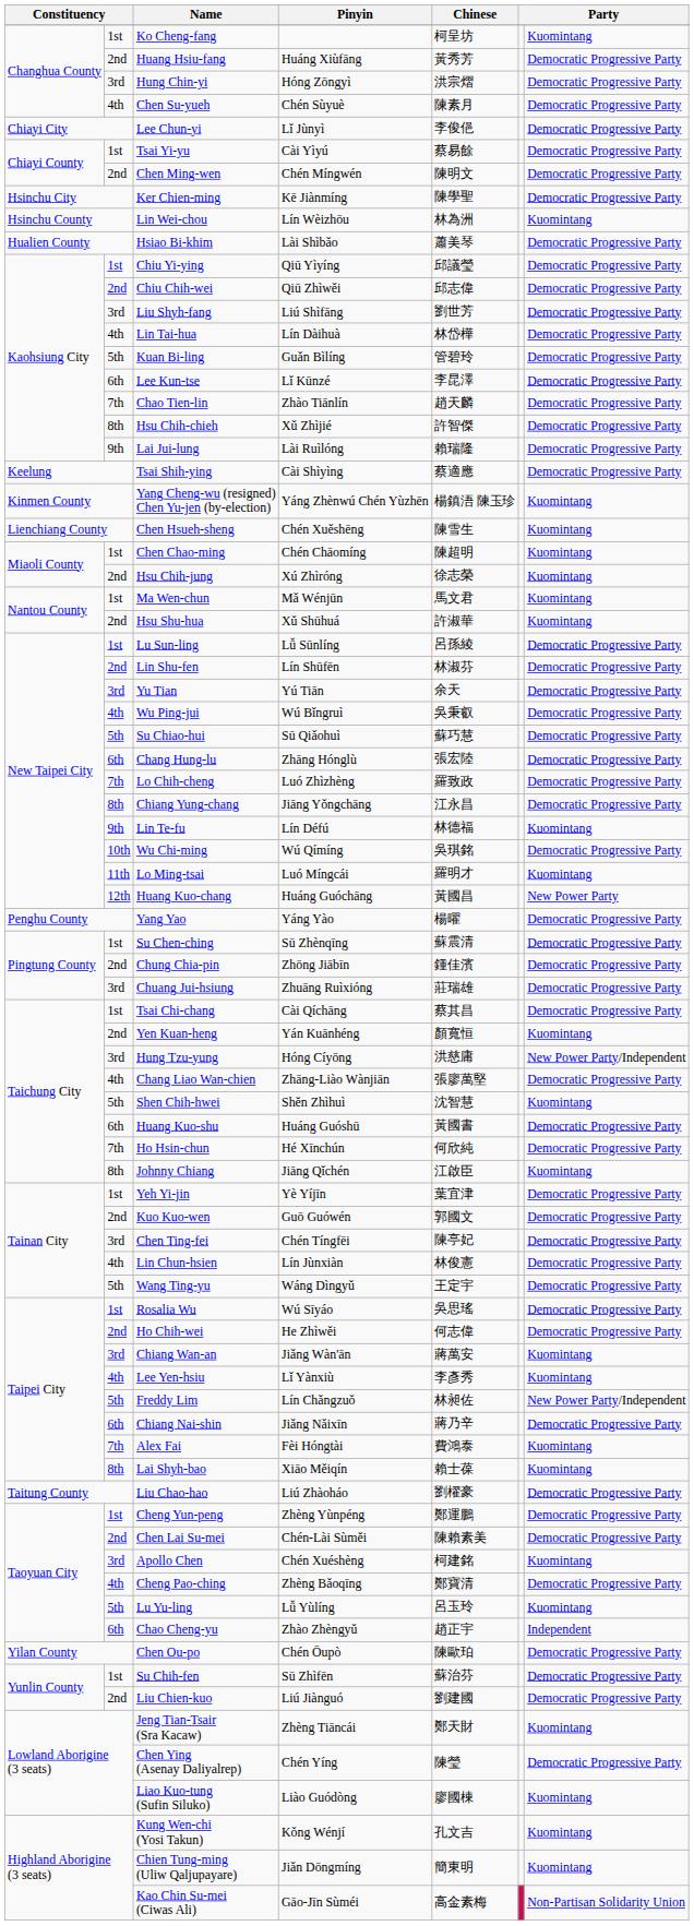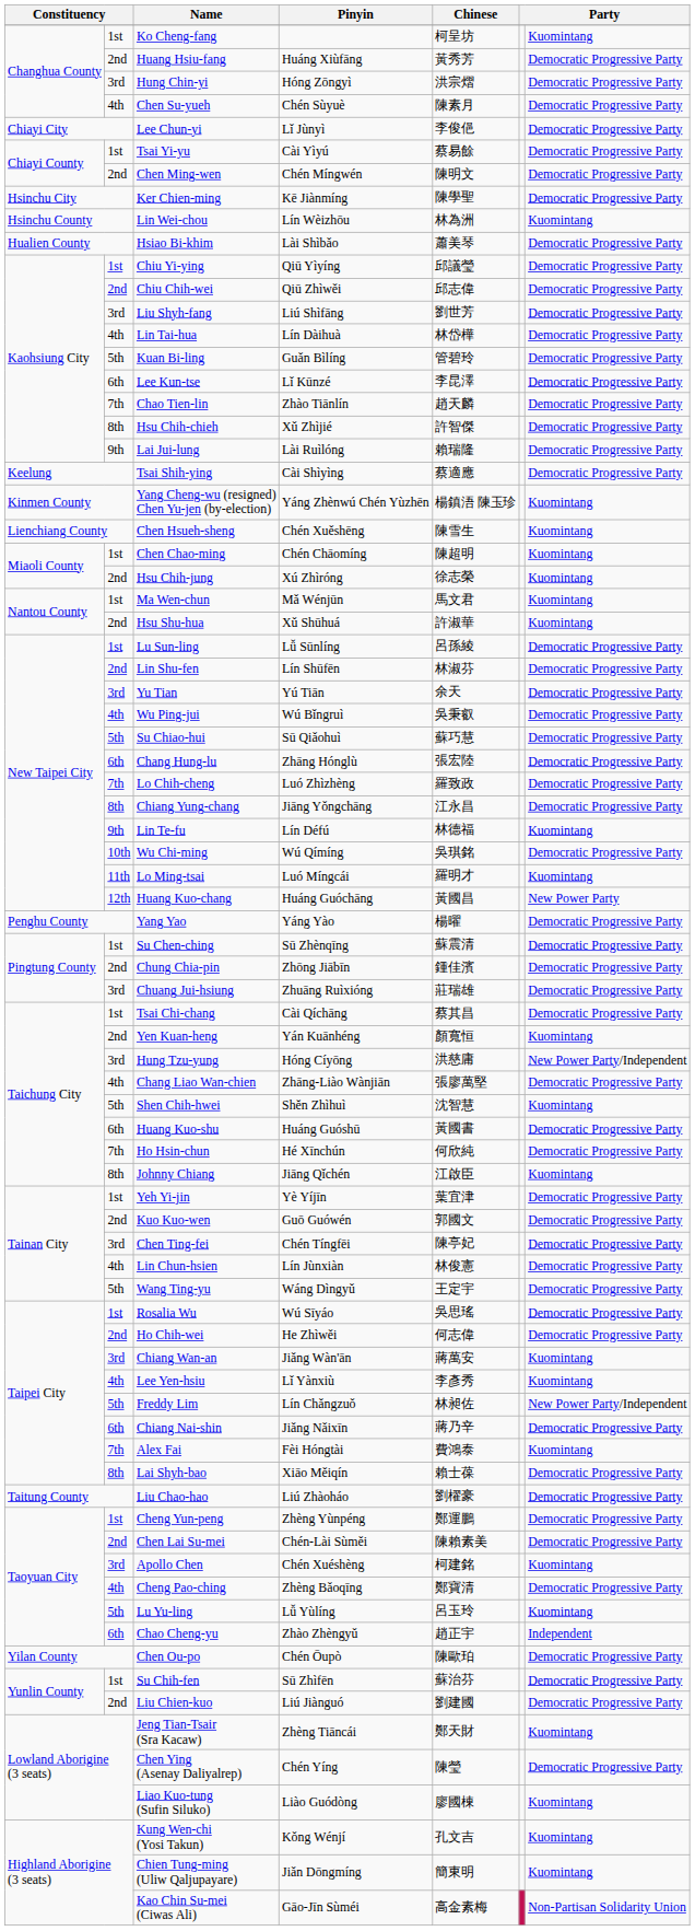 <table class=wikitable>
 <tr>
 <th colspan=2>Constituency</th>
 <th>Name</th>
 <th>Pinyin</th>
 <th>Chinese</th>
 <th colspan=2>Party</th>
 </tr>
 <tr>
 </tr>
 <tr>
 <td rowspan=4><a href='#'>Changhua County</a></td>
 <td>1st</td>
 <td><a href='#'>Ko Cheng-fang</a></td>
 <td></td>
 <td>柯呈坊</td>
 <td style="background-color: "></td>
 <td><a href='#'>Kuomintang</a></td>
 </tr>
 <tr>
 <td>2nd</td>
 <td><a href='#'>Huang Hsiu-fang</a></td>
 <td>Huáng Xiùfāng</td>
 <td>黃秀芳</td>
 <td style="background-color: "></td>
 <td><a href='#'>Democratic Progressive Party</a></td>
 </tr>
 <tr>
 <td>3rd</td>
 <td><a href='#'>Hung Chin-yi</a></td>
 <td>Hóng Zōngyì</td>
 <td>洪宗熠</td>
 <td style="background-color: "></td>
 <td><a href='#'>Democratic Progressive Party</a></td>
 </tr>
 <tr>
 <td>4th</td>
 <td><a href='#'>Chen Su-yueh</a></td>
 <td>Chén Sùyuè</td>
 <td>陳素月</td>
 <td style="background-color: "></td>
 <td><a href='#'>Democratic Progressive Party</a></td>
 </tr>
 <tr>
 <td colspan=2><a href='#'>Chiayi City</a></td>
 <td><a href='#'>Lee Chun-yi</a></td>
 <td>Lǐ Jùnyì</td>
 <td>李俊俋</td>
 <td style="background-color: "></td>
 <td><a href='#'>Democratic Progressive Party</a></td>
 </tr>
 <tr>
 <td rowspan=2><a href='#'>Chiayi County</a></td>
 <td>1st</td>
 <td><a href='#'>Tsai Yi-yu</a></td>
 <td>Cài Yìyú</td>
 <td>蔡易餘</td>
 <td style="background-color: "></td>
 <td><a href='#'>Democratic Progressive Party</a></td>
 </tr>
 <tr>
 <td>2nd</td>
 <td><a href='#'>Chen Ming-wen</a></td>
 <td>Chén Míngwén</td>
 <td>陳明文</td>
 <td style="background-color: "></td>
 <td><a href='#'>Democratic Progressive Party</a></td>
 </tr>
 <tr>
 <td colspan=2><a href='#'>Hsinchu City</a></td>
 <td><a href='#'>Ker Chien-ming</a></td>
 <td>Kē Jiànmíng</td>
 <td>陳學聖</td>
 <td style="background-color: "></td>
 <td><a href='#'>Democratic Progressive Party</a></td>
 </tr>
 <tr>
 <td colspan=2><a href='#'>Hsinchu County</a></td>
 <td><a href='#'>Lin Wei-chou</a></td>
 <td>Lín Wèizhōu</td>
 <td>林為洲</td>
 <td style="background-color: "></td>
 <td><a href='#'>Kuomintang</a></td>
 </tr>
 <tr>
 <td colspan=2><a href='#'>Hualien County</a></td>
 <td><a href='#'>Hsiao Bi-khim</a></td>
 <td>Lài Shìbǎo</td>
 <td>蕭美琴</td>
 <td style="background-color: "></td>
 <td><a href='#'>Democratic Progressive Party</a></td>
 </tr>
 <tr>
 <td rowspan=9><a href='#'>Kaohsiung</a> City</td>
 <td><a href='#'>1st</a></td>
 <td><a href='#'>Chiu Yi-ying</a></td>
 <td>Qiū Yìyíng</td>
 <td>邱議瑩</td>
 <td style="background-color: "></td>
 <td><a href='#'>Democratic Progressive Party</a></td>
 </tr>
 <tr>
 <td><a href='#'>2nd</a></td>
 <td><a href='#'>Chiu Chih-wei</a></td>
 <td>Qiū Zhìwěi</td>
 <td>邱志偉</td>
 <td style="background-color: "></td>
 <td><a href='#'>Democratic Progressive Party</a></td>
 </tr>
 <tr>
 <td>3rd</td>
 <td><a href='#'>Liu Shyh-fang</a></td>
 <td>Liú Shìfāng</td>
 <td>劉世芳</td>
 <td style="background-color: "></td>
 <td><a href='#'>Democratic Progressive Party</a></td>
 </tr>
 <tr>
 <td>4th</td>
 <td><a href='#'>Lin Tai-hua</a></td>
 <td>Lín Dàihuà</td>
 <td>林岱樺</td>
 <td style="background-color: "></td>
 <td><a href='#'>Democratic Progressive Party</a></td>
 </tr>
 <tr>
 <td>5th</td>
 <td><a href='#'>Kuan Bi-ling</a></td>
 <td>Guǎn Bìlíng</td>
 <td>管碧玲</td>
 <td style="background-color: "></td>
 <td><a href='#'>Democratic Progressive Party</a></td>
 </tr>
 <tr>
 <td>6th</td>
 <td><a href='#'>Lee Kun-tse</a></td>
 <td>Lǐ Kūnzé</td>
 <td>李昆澤</td>
 <td style="background-color: "></td>
 <td><a href='#'>Democratic Progressive Party</a></td>
 </tr>
 <tr>
 <td>7th</td>
 <td><a href='#'>Chao Tien-lin</a></td>
 <td>Zhào Tiānlín</td>
 <td>趙天麟</td>
 <td style="background-color: "></td>
 <td><a href='#'>Democratic Progressive Party</a></td>
 </tr>
 <tr>
 <td>8th</td>
 <td><a href='#'>Hsu Chih-chieh</a></td>
 <td>Xǔ Zhìjié</td>
 <td>許智傑</td>
 <td style="background-color: "></td>
 <td><a href='#'>Democratic Progressive Party</a></td>
 </tr>
 <tr>
 <td>9th</td>
 <td><a href='#'>Lai Jui-lung</a></td>
 <td>Lài Ruìlóng</td>
 <td>賴瑞隆</td>
 <td style="background-color: "></td>
 <td><a href='#'>Democratic Progressive Party</a></td>
 </tr>
 <tr>
 <td colspan=2><a href='#'>Keelung</a></td>
 <td><a href='#'>Tsai Shih-ying</a></td>
 <td>Cài Shìyìng</td>
 <td>蔡適應</td>
 <td style="background-color: "></td>
 <td><a href='#'>Democratic Progressive Party</a></td>
 </tr>
 <tr>
 <td colspan=2><a href='#'>Kinmen County</a></td>
 <td><a href='#'>Yang Cheng-wu</a> (resigned)<br><a href='#'>Chen Yu-jen</a> (by-election)</td>
 <td>Yáng Zhènwú Chén Yùzhēn</td>
 <td>楊鎮浯  陳玉珍</td>
 <td style="background-color: "></td>
 <td><a href='#'>Kuomintang</a></td>
 </tr>
 <tr>
 <td colspan=2><a href='#'>Lienchiang County</a></td>
 <td><a href='#'>Chen Hsueh-sheng</a></td>
 <td>Chén Xuěshēng</td>
 <td>陳雪生</td>
 <td style="background-color: "></td>
 <td><a href='#'>Kuomintang</a></td>
 </tr>
 <tr>
 <td rowspan=2><a href='#'>Miaoli County</a></td>
 <td>1st</td>
 <td><a href='#'>Chen Chao-ming</a></td>
 <td>Chén Chāomíng</td>
 <td>陳超明</td>
 <td style="background-color: "></td>
 <td><a href='#'>Kuomintang</a></td>
 </tr>
 <tr>
 <td>2nd</td>
 <td><a href='#'>Hsu Chih-jung</a></td>
 <td>Xú Zhìróng</td>
 <td>徐志榮</td>
 <td style="background-color: "></td>
 <td><a href='#'>Kuomintang</a></td>
 </tr>
 <tr>
 <td rowspan=2><a href='#'>Nantou County</a></td>
 <td>1st</td>
 <td><a href='#'>Ma Wen-chun</a></td>
 <td>Mǎ Wénjūn</td>
 <td>馬文君</td>
 <td style="background-color: "></td>
 <td><a href='#'>Kuomintang</a></td>
 </tr>
 <tr>
 <td>2nd</td>
 <td><a href='#'>Hsu Shu-hua</a></td>
 <td>Xǔ Shūhuá</td>
 <td>許淑華</td>
 <td style="background-color: "></td>
 <td><a href='#'>Kuomintang</a></td>
 </tr>
 <tr>
 <td rowspan=12><a href='#'>New Taipei City</a></td>
 <td><a href='#'>1st</a></td>
 <td><a href='#'>Lu Sun-ling</a></td>
 <td>Lǚ Sūnlíng</td>
 <td>呂孫綾</td>
 <td style="background-color: "></td>
 <td><a href='#'>Democratic Progressive Party</a></td>
 </tr>
 <tr>
 <td><a href='#'>2nd</a></td>
 <td><a href='#'>Lin Shu-fen</a></td>
 <td>Lín Shūfēn</td>
 <td>林淑芬</td>
 <td style="background-color: "></td>
 <td><a href='#'>Democratic Progressive Party</a></td>
 </tr>
 <tr>
 <td><a href='#'>3rd</a></td>
 <td><a href='#'>Yu Tian</a></td>
 <td>Yú Tiān</td>
 <td>余天</td>
 <td style="background-color: "></td>
 <td><a href='#'>Democratic Progressive Party</a></td>
 </tr>
 <tr>
 <td><a href='#'>4th</a></td>
 <td><a href='#'>Wu Ping-jui</a></td>
 <td>Wú Bǐngruì</td>
 <td>吳秉叡</td>
 <td style="background-color: "></td>
 <td><a href='#'>Democratic Progressive Party</a></td>
 </tr>
 <tr>
 <td><a href='#'>5th</a></td>
 <td><a href='#'>Su Chiao-hui</a></td>
 <td>Sū Qiǎohuì</td>
 <td>蘇巧慧</td>
 <td style="background-color: "></td>
 <td><a href='#'>Democratic Progressive Party</a></td>
 </tr>
 <tr>
 <td><a href='#'>6th</a></td>
 <td><a href='#'>Chang Hung-lu</a></td>
 <td>Zhāng Hónglù</td>
 <td>張宏陸</td>
 <td style="background-color: "></td>
 <td><a href='#'>Democratic Progressive Party</a></td>
 </tr>
 <tr>
 <td><a href='#'>7th</a></td>
 <td><a href='#'>Lo Chih-cheng</a></td>
 <td>Luó Zhìzhèng</td>
 <td>羅致政</td>
 <td style="background-color: "></td>
 <td><a href='#'>Democratic Progressive Party</a></td>
 </tr>
 <tr>
 <td><a href='#'>8th</a></td>
 <td><a href='#'>Chiang Yung-chang</a></td>
 <td>Jiāng Yǒngchāng</td>
 <td>江永昌</td>
 <td style="background-color: "></td>
 <td><a href='#'>Democratic Progressive Party</a></td>
 </tr>
 <tr>
 <td><a href='#'>9th</a></td>
 <td><a href='#'>Lin Te-fu</a></td>
 <td>Lín Défú</td>
 <td>林德福</td>
 <td style="background-color: "></td>
 <td><a href='#'>Kuomintang</a></td>
 </tr>
 <tr>
 <td><a href='#'>10th</a></td>
 <td><a href='#'>Wu Chi-ming</a></td>
 <td>Wú Qímíng</td>
 <td>吳琪銘</td>
 <td style="background-color: "></td>
 <td><a href='#'>Democratic Progressive Party</a></td>
 </tr>
 <tr>
 <td><a href='#'>11th</a></td>
 <td><a href='#'>Lo Ming-tsai</a></td>
 <td>Luó Míngcái</td>
 <td>羅明才</td>
 <td style="background-color: "></td>
 <td><a href='#'>Kuomintang</a></td>
 </tr>
 <tr>
 <td><a href='#'>12th</a></td>
 <td><a href='#'>Huang Kuo-chang</a></td>
 <td>Huáng Guóchāng</td>
 <td>黃國昌</td>
 <td style="background-color: "></td>
 <td><a href='#'>New Power Party</a></td>
 </tr>
 <tr>
 <td colspan=2><a href='#'>Penghu County</a></td>
 <td><a href='#'>Yang Yao</a></td>
 <td>Yáng Yào</td>
 <td>楊曜</td>
 <td style="background-color: "></td>
 <td><a href='#'>Democratic Progressive Party</a></td>
 </tr>
 <tr>
 <td rowspan=3><a href='#'>Pingtung County</a></td>
 <td>1st</td>
 <td><a href='#'>Su Chen-ching</a></td>
 <td>Sū Zhènqīng</td>
 <td>蘇震清</td>
 <td style="background-color: "></td>
 <td><a href='#'>Democratic Progressive Party</a></td>
 </tr>
 <tr>
 <td>2nd</td>
 <td><a href='#'>Chung Chia-pin</a></td>
 <td>Zhōng Jiābīn</td>
 <td>鍾佳濱</td>
 <td style="background-color: "></td>
 <td><a href='#'>Democratic Progressive Party</a></td>
 </tr>
 <tr>
 <td>3rd</td>
 <td><a href='#'>Chuang Jui-hsiung</a></td>
 <td>Zhuāng Ruìxióng</td>
 <td>莊瑞雄</td>
 <td style="background-color: "></td>
 <td><a href='#'>Democratic Progressive Party</a></td>
 </tr>
 <tr>
 <td rowspan=8><a href='#'>Taichung</a> City</td>
 <td>1st</td>
 <td><a href='#'>Tsai Chi-chang</a></td>
 <td>Cài Qíchāng</td>
 <td>蔡其昌</td>
 <td style="background-color: "></td>
 <td><a href='#'>Democratic Progressive Party</a></td>
 </tr>
 <tr>
 <td>2nd</td>
 <td><a href='#'>Yen Kuan-heng</a></td>
 <td>Yán Kuānhéng</td>
 <td>顏寬恒</td>
 <td style="background-color: "></td>
 <td><a href='#'>Kuomintang</a></td>
 </tr>
 <tr>
 <td>3rd</td>
 <td><a href='#'>Hung Tzu-yung</a></td>
 <td>Hóng Cíyōng</td>
 <td>洪慈庸</td>
 <td style="background-color: "></td>
 <td><a href='#'>New Power Party</a>/Independent</td>
 </tr>
 <tr>
 <td>4th</td>
 <td><a href='#'>Chang Liao Wan-chien</a></td>
 <td>Zhāng-Liào Wànjiān</td>
 <td>張廖萬堅</td>
 <td style="background-color: "></td>
 <td><a href='#'>Democratic Progressive Party</a></td>
 </tr>
 <tr>
 <td>5th</td>
 <td><a href='#'>Shen Chih-hwei</a></td>
 <td>Shĕn Zhìhuì</td>
 <td>沈智慧</td>
 <td style="background-color:"></td>
 <td><a href='#'>Kuomintang</a></td>
 </tr>
 <tr>
 <td>6th</td>
 <td><a href='#'>Huang Kuo-shu</a></td>
 <td>Huáng Guóshū</td>
 <td>黃國書</td>
 <td style="background-color: "></td>
 <td><a href='#'>Democratic Progressive Party</a></td>
 </tr>
 <tr>
 <td>7th</td>
 <td><a href='#'>Ho Hsin-chun</a></td>
 <td>Hé Xīnchún</td>
 <td>何欣純</td>
 <td style="background-color: "></td>
 <td><a href='#'>Democratic Progressive Party</a></td>
 </tr>
 <tr>
 <td>8th</td>
 <td><a href='#'>Johnny Chiang</a></td>
 <td>Jiāng Qǐchén</td>
 <td>江啟臣</td>
 <td style="background-color: "></td>
 <td><a href='#'>Kuomintang</a></td>
 </tr>
 <tr>
 <td rowspan=5><a href='#'>Tainan</a> City</td>
 <td>1st</td>
 <td><a href='#'>Yeh Yi-jin</a></td>
 <td>Yè Yíjīn</td>
 <td>葉宜津</td>
 <td style="background-color: "></td>
 <td><a href='#'>Democratic Progressive Party</a></td>
 </tr>
 <tr>
 <td>2nd</td>
 <td><a href='#'>Kuo Kuo-wen</a></td>
 <td>Guō Guówén</td>
 <td>郭國文</td>
 <td style="background-color: "></td>
 <td><a href='#'>Democratic Progressive Party</a></td>
 </tr>
 <tr>
 <td>3rd</td>
 <td><a href='#'>Chen Ting-fei</a></td>
 <td>Chén Tíngfēi</td>
 <td>陳亭妃</td>
 <td style="background-color: "></td>
 <td><a href='#'>Democratic Progressive Party</a></td>
 </tr>
 <tr>
 <td>4th</td>
 <td><a href='#'>Lin Chun-hsien</a></td>
 <td>Lín Jùnxiàn</td>
 <td>林俊憲</td>
 <td style="background-color: "></td>
 <td><a href='#'>Democratic Progressive Party</a></td>
 </tr>
 <tr>
 <td>5th</td>
 <td><a href='#'>Wang Ting-yu</a></td>
 <td>Wáng Dìngyǔ</td>
 <td>王定宇</td>
 <td style="background-color: "></td>
 <td><a href='#'>Democratic Progressive Party</a></td>
 </tr>
 <tr>
 <td rowspan=8><a href='#'>Taipei</a> City</td>
 <td><a href='#'>1st</a></td>
 <td><a href='#'>Rosalia Wu</a></td>
 <td>Wú Sīyáo</td>
 <td>吳思瑤</td>
 <td style="background-color: "></td>
 <td><a href='#'>Democratic Progressive Party</a></td>
 </tr>
 <tr>
 <td><a href='#'>2nd</a></td>
 <td><a href='#'>Ho Chih-wei</a></td>
 <td>He Zhìwěi</td>
 <td>何志偉</td>
 <td style="background-color: "></td>
 <td><a href='#'>Democratic Progressive Party</a></td>
 </tr>
 <tr>
 <td><a href='#'>3rd</a></td>
 <td><a href='#'>Chiang Wan-an</a></td>
 <td>Jiǎng Wàn'ān</td>
 <td>蔣萬安</td>
 <td style="background-color: "></td>
 <td><a href='#'>Kuomintang</a></td>
 </tr>
 <tr>
 <td><a href='#'>4th</a></td>
 <td><a href='#'>Lee Yen-hsiu</a></td>
 <td>Lǐ Yànxiù</td>
 <td>李彥秀</td>
 <td style="background-color: "></td>
 <td><a href='#'>Kuomintang</a></td>
 </tr>
 <tr>
 <td><a href='#'>5th</a></td>
 <td><a href='#'>Freddy Lim</a></td>
 <td>Lín Chǎngzuǒ</td>
 <td>林昶佐</td>
 <td style="background-color: "></td>
 <td><a href='#'>New Power Party</a>/Independent</td>
 </tr>
 <tr>
 <td><a href='#'>6th</a></td>
 <td><a href='#'>Chiang Nai-shin</a></td>
 <td>Jiǎng Nǎixīn</td>
 <td>蔣乃辛</td>
 <td style="background-color: "></td>
 <td><a href='#'>Democratic Progressive Party</a></td>
 </tr>
 <tr>
 <td><a href='#'>7th</a></td>
 <td><a href='#'>Alex Fai</a></td>
 <td>Fèi Hóngtài</td>
 <td>費鴻泰</td>
 <td style="background-color: "></td>
 <td><a href='#'>Kuomintang</a></td>
 </tr>
 <tr>
 <td><a href='#'>8th</a></td>
 <td><a href='#'>Lai Shyh-bao</a></td>
 <td>Xiāo Měiqín</td>
 <td>賴士葆</td>
 <td style="background-color: "></td>
-<td><a href='#'>Kuomintang</a></td>
+<td><a href='#'>Democratic Progressive Party</a></td>
 </tr>
 <tr>
 <td colspan=2><a href='#'>Taitung County</a></td>
 <td><a href='#'>Liu Chao-hao</a></td>
 <td>Liú Zhàoháo</td>
 <td>劉櫂豪</td>
 <td style="background-color: "></td>
 <td><a href='#'>Democratic Progressive Party</a></td>
 </tr>
 <tr>
 <td rowspan=6><a href='#'>Taoyuan City</a></td>
 <td><a href='#'>1st</a></td>
 <td><a href='#'>Cheng Yun-peng</a></td>
 <td>Zhèng Yùnpéng</td>
 <td>鄭運鵬</td>
 <td style="background-color: "></td>
 <td><a href='#'>Democratic Progressive Party</a></td>
 </tr>
 <tr>
 <td><a href='#'>2nd</a></td>
 <td><a href='#'>Chen Lai Su-mei</a></td>
 <td>Chén-Lài Sùměi</td>
 <td>陳賴素美</td>
 <td style="background-color: "></td>
 <td><a href='#'>Democratic Progressive Party</a></td>
 </tr>
 <tr>
 <td><a href='#'>3rd</a></td>
 <td><a href='#'>Apollo Chen</a></td>
 <td>Chén Xuéshèng</td>
 <td>柯建銘</td>
 <td style="background-color: "></td>
 <td><a href='#'>Kuomintang</a></td>
 </tr>
 <tr>
 <td><a href='#'>4th</a></td>
 <td><a href='#'>Cheng Pao-ching</a></td>
 <td>Zhèng Bǎoqīng</td>
 <td>鄭寶清</td>
 <td style="background-color: "></td>
 <td><a href='#'>Democratic Progressive Party</a></td>
 </tr>
 <tr>
 <td><a href='#'>5th</a></td>
 <td><a href='#'>Lu Yu-ling</a></td>
 <td>Lǚ Yùlíng</td>
 <td>呂玉玲</td>
 <td style="background-color: "></td>
 <td><a href='#'>Kuomintang</a></td>
 </tr>
 <tr>
 <td><a href='#'>6th</a></td>
 <td><a href='#'>Chao Cheng-yu</a></td>
 <td>Zhào Zhèngyǔ</td>
 <td>趙正宇</td>
 <td style="background-color: "></td>
 <td><a href='#'>Independent</a></td>
 </tr>
 <tr>
 <td colspan=2><a href='#'>Yilan County</a></td>
 <td><a href='#'>Chen Ou-po</a></td>
 <td>Chén Ōupò</td>
 <td>陳歐珀</td>
 <td style="background-color: "></td>
 <td><a href='#'>Democratic Progressive Party</a></td>
 </tr>
 <tr>
 <td rowspan=2><a href='#'>Yunlin County</a></td>
 <td>1st</td>
 <td><a href='#'>Su Chih-fen</a></td>
 <td>Sū Zhìfēn</td>
 <td>蘇治芬</td>
 <td style="background-color: "></td>
 <td><a href='#'>Democratic Progressive Party</a></td>
 </tr>
 <tr>
 <td>2nd</td>
 <td><a href='#'>Liu Chien-kuo</a></td>
 <td>Liú Jiànguó</td>
 <td>劉建國</td>
 <td style="background-color: "></td>
 <td><a href='#'>Democratic Progressive Party</a></td>
 </tr>
 <tr>
 <td colspan=2 rowspan=3><a href='#'>Lowland Aborigine</a><br>(3 seats)</td>
 <td><a href='#'>Jeng Tian-Tsair</a><br>(Sra Kacaw)</td>
 <td>Zhèng Tiāncái</td>
 <td>鄭天財</td>
 <td style="background-color: "></td>
 <td><a href='#'>Kuomintang</a></td>
 </tr>
 <tr>
 <td><a href='#'>Chen Ying</a><br>(Asenay Daliyalrep)</td>
 <td>Chén Yíng</td>
 <td>陳瑩</td>
 <td style="background-color: "></td>
 <td><a href='#'>Democratic Progressive Party</a></td>
 </tr>
 <tr>
 <td><a href='#'>Liao Kuo-tung</a><br>(Sufin Siluko)</td>
 <td>Liào Guódòng</td>
 <td>廖國棟</td>
 <td style="background-color: "></td>
 <td><a href='#'>Kuomintang</a></td>
 </tr>
 <tr>
 <td colspan=2 rowspan=3><a href='#'>Highland Aborigine</a><br>(3 seats)</td>
 <td><a href='#'>Kung Wen-chi</a><br>(Yosi Takun)</td>
 <td>Kǒng Wénjí</td>
 <td>孔文吉</td>
 <td style="background-color: "></td>
 <td><a href='#'>Kuomintang</a></td>
 </tr>
 <tr>
 <td><a href='#'>Chien Tung-ming</a><br>(Uliw Qaljupayare)</td>
 <td>Jiǎn Dōngmíng</td>
 <td>簡東明</td>
 <td style="background-color: "></td>
 <td><a href='#'>Kuomintang</a></td>
 </tr>
 <tr>
 <td><a href='#'>Kao Chin Su-mei</a><br>(Ciwas Ali)</td>
 <td>Gāo-Jīn Sùméi</td>
 <td>高金素梅</td>
 <td style="background-color: #C20F51"></td>
 <td><a href='#'>Non-Partisan Solidarity Union</a></td>
 </tr>
 </table>
